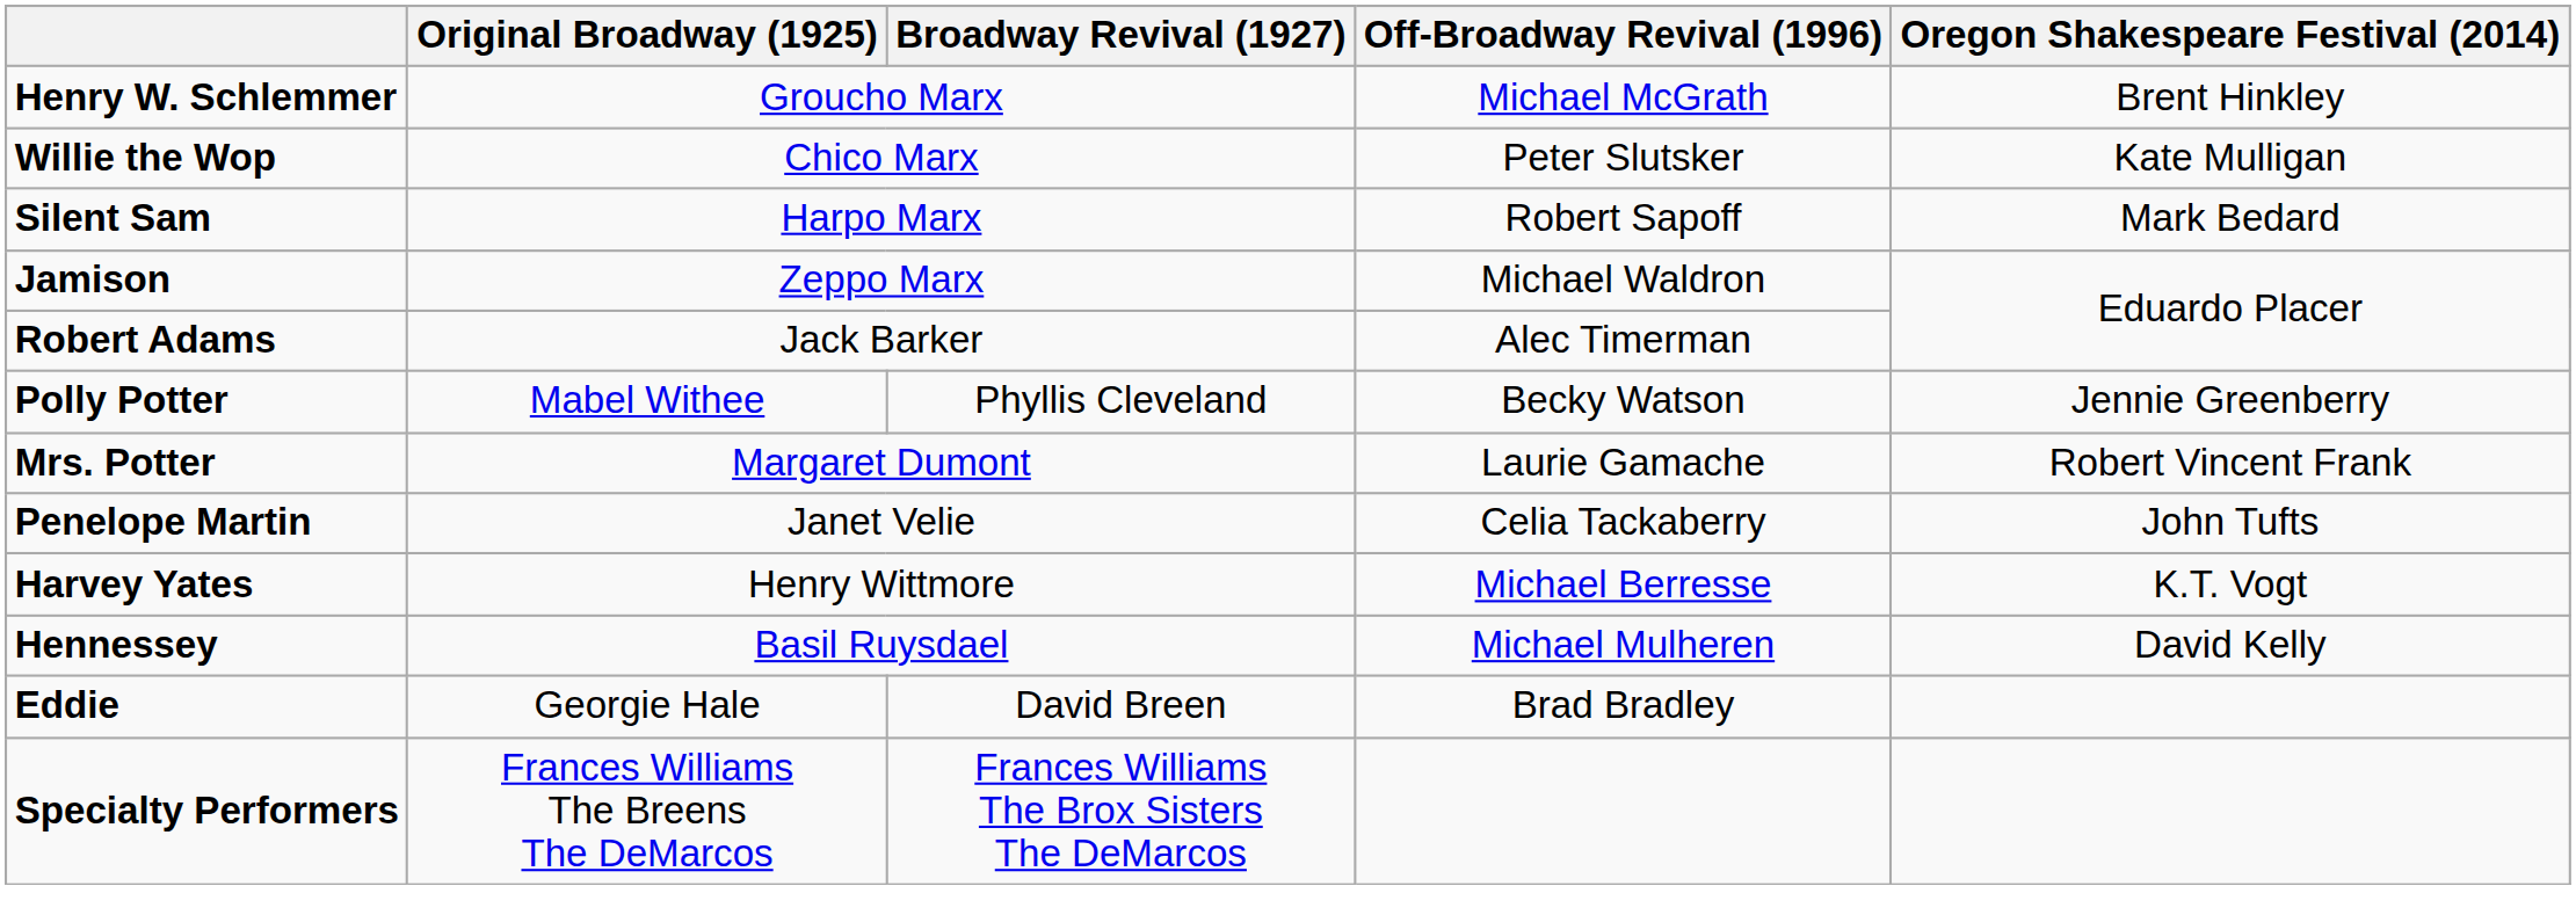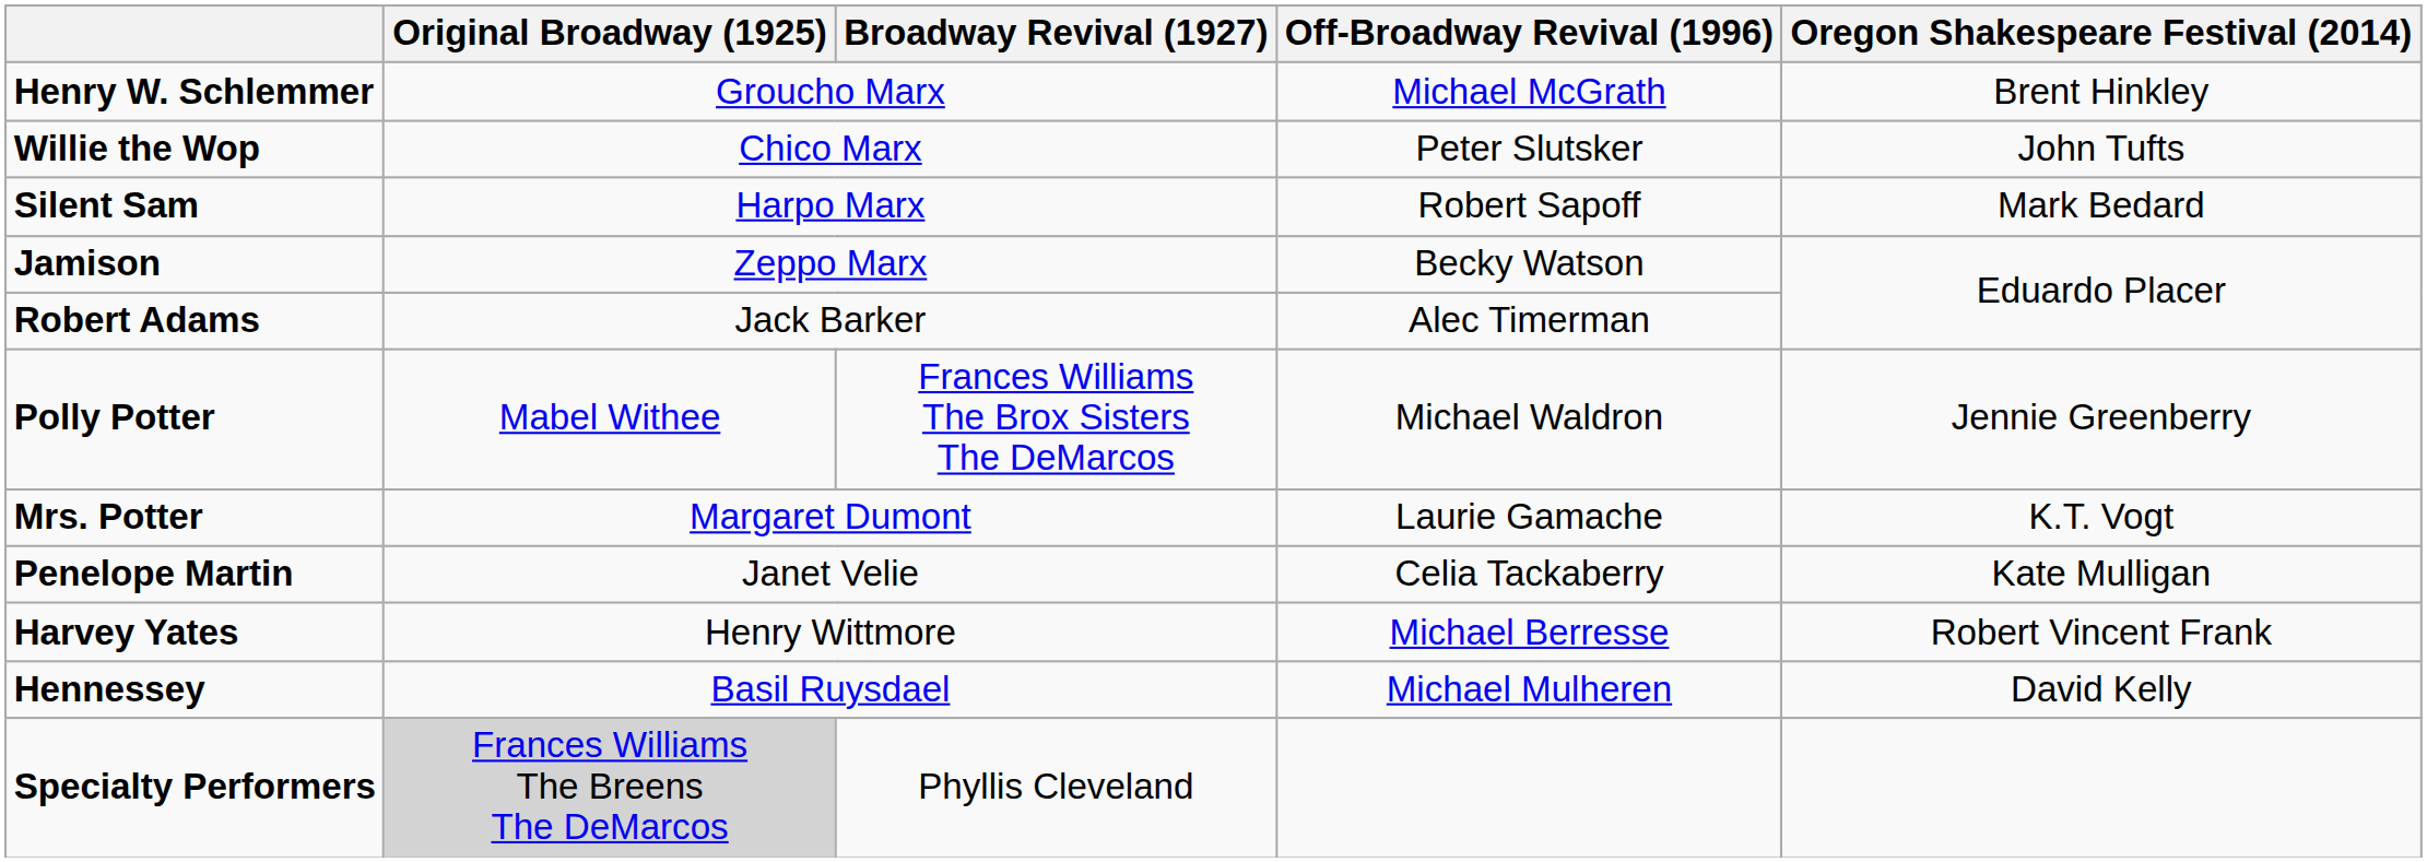 <table class="wikitable">
 <tr>
 <th></th>
 <th>Original Broadway (1925)</th>
 <th>Broadway Revival (1927)</th>
 <th>Off-Broadway Revival (1996)</th>
 <th>Oregon Shakespeare Festival (2014)</th>
 </tr>
 <tr>
 <td><strong>Henry W. Schlemmer</strong></td>
 <td style="text-align:center;" colspan="2"><a href='#'>Groucho Marx</a></td>
 <td style="text-align:center;"><a href='#'>Michael McGrath</a></td>
 <td style="text-align:center;">Brent Hinkley</td>
 </tr>
 <tr>
 <td><strong>Willie the Wop</strong></td>
 <td style="text-align:center;" colspan="2"><a href='#'>Chico Marx</a></td>
 <td style="text-align:center;">Peter Slutsker</td>
-<td style="text-align:center;">Kate Mulligan</td>
+<td style="text-align:center;">John Tufts</td>
 </tr>
 <tr>
 <td><strong>Silent Sam</strong></td>
 <td style="text-align:center;" colspan="2"><a href='#'>Harpo Marx</a></td>
 <td style="text-align:center;">Robert Sapoff</td>
 <td style="text-align:center;">Mark Bedard</td>
 </tr>
 <tr>
 <td><strong>Jamison</strong></td>
 <td style="text-align:center;" colspan="2"><a href='#'>Zeppo Marx</a></td>
-<td style="text-align:center;">Michael Waldron</td>
+<td style="text-align:center;">Becky Watson</td>
 <td style="text-align:center;" rowspan="2">Eduardo Placer</td>
 </tr>
 <tr>
 <td><strong>Robert Adams</strong></td>
 <td style="text-align:center;" colspan="2">Jack Barker</td>
 <td style="text-align:center;">Alec Timerman</td>
 </tr>
 <tr>
 <td><strong>Polly Potter</strong></td>
 <td style="text-align:center;"><a href='#'>Mabel Withee</a></td>
-<td style="text-align:center;">Phyllis Cleveland</td>
-<td style="text-align:center;">Becky Watson</td>
+<td style="text-align:center;"><a href='#'>Frances Williams</a><br><a href='#'>The Brox Sisters</a><br><a href='#'>The DeMarcos</a></td>
+<td style="text-align:center;">Michael Waldron</td>
 <td style="text-align:center;">Jennie Greenberry</td>
 </tr>
 <tr>
 <td><strong>Mrs. Potter</strong></td>
 <td style="text-align:center;" colspan="2"><a href='#'>Margaret Dumont</a></td>
 <td style="text-align:center;">Laurie Gamache</td>
-<td style="text-align:center;">Robert Vincent Frank</td>
+<td style="text-align:center;">K.T. Vogt</td>
 </tr>
 <tr>
 <td><strong>Penelope Martin</strong></td>
 <td style="text-align:center;" colspan="2">Janet Velie</td>
 <td style="text-align:center;">Celia Tackaberry</td>
-<td style="text-align:center;">John Tufts</td>
+<td style="text-align:center;">Kate Mulligan</td>
 </tr>
 <tr>
 <td><strong>Harvey Yates</strong></td>
 <td style="text-align:center;" colspan="2">Henry Wittmore</td>
 <td style="text-align:center;"><a href='#'>Michael Berresse</a></td>
-<td style="text-align:center;">K.T. Vogt</td>
+<td style="text-align:center;">Robert Vincent Frank</td>
 </tr>
 <tr>
 <td><strong>Hennessey</strong></td>
 <td style="text-align:center;" colspan="2"><a href='#'>Basil Ruysdael</a></td>
 <td style="text-align:center;"><a href='#'>Michael Mulheren</a></td>
 <td style="text-align:center;">David Kelly</td>
 </tr>
 <tr>
-<td><strong>Eddie</strong></td>
-<td style="text-align:center;">Georgie Hale</td>
-<td style="text-align:center;">David Breen</td>
-<td style="text-align:center;">Brad Bradley</td>
-<td></td>
-</tr>
-<tr>
 <td><strong>Specialty Performers</strong></td>
-<td style="text-align:center;"><a href='#'>Frances Williams</a><br>The Breens<br> <a href='#'>The DeMarcos</a></td>
-<td style="text-align:center;"><a href='#'>Frances Williams</a><br><a href='#'>The Brox Sisters</a><br><a href='#'>The DeMarcos</a></td>
+<td style="background: lightgrey; text-align:center;"><a href='#'>Frances Williams</a><br>The Breens<br> <a href='#'>The DeMarcos</a></td>
+<td style="text-align:center;">Phyllis Cleveland</td>
 <td></td>
 <td></td>
 </tr>
 </table>
